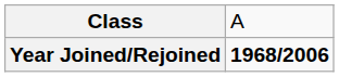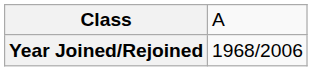 <table class="wikitable">
 <tr>
 <th>Class</th>
 <td>A</td>
 </tr>
 <tr>
 <th>Year Joined/Rejoined</th>
-<td><strong>1968/2006</strong></td>
+<td>1968/2006</td>
 </tr>
 </table>
